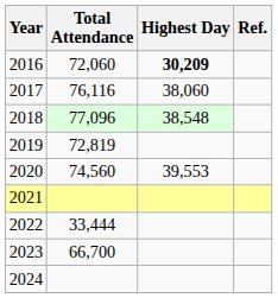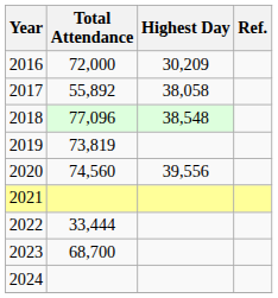 <table class="wikitable sortable" style="text-align: center">
 <tr>
 <th>Year</th>
 <th>Total <br> Attendance</th>
 <th>Highest Day</th>
 <th>Ref.</th>
 </tr>
 <tr>
 <td>2016</td>
-<td>72,060</td>
-<td><strong>30,209</strong></td>
+<td>72,000</td>
+<td>30,209</td>
 <td></td>
 </tr>
 <tr>
 <td>2017</td>
-<td>76,116</td>
-<td>38,060</td>
+<td>55,892</td>
+<td>38,058</td>
 <td></td>
 </tr>
 <tr>
 <td>2018</td>
 <td style="background:#dfd;">77,096</td>
 <td style="background:#dfd;">38,548</td>
 <td></td>
 </tr>
 <tr>
 <td>2019</td>
-<td>72,819</td>
+<td>73,819</td>
 <td></td>
 <td style="line-height:0.6; padding:1px;"></td>
 </tr>
 <tr>
 <td>2020</td>
 <td>74,560</td>
-<td>39,553</td>
+<td>39,556</td>
 <td style="line-height:0.6; padding:1px;"></td>
 </tr>
 <tr style="background:#ff9;">
 <td>2021</td>
 <td></td>
 <td></td>
 <td></td>
 </tr>
 <tr>
 <td>2022</td>
 <td>33,444</td>
 <td></td>
 <td></td>
 </tr>
 <tr>
 <td>2023</td>
-<td>66,700</td>
+<td>68,700</td>
 <td></td>
 <td></td>
 </tr>
 <tr>
 <td>2024</td>
 <td></td>
 <td></td>
 <td></td>
 </tr>
 <tr colspan=4 |>
 </tr>
 </table>
